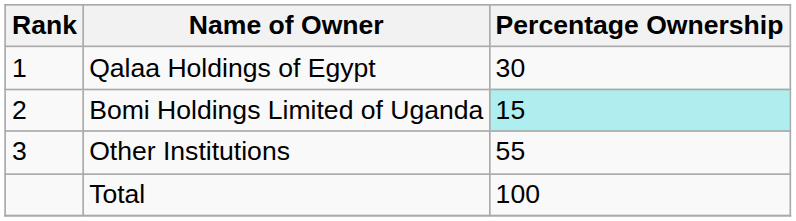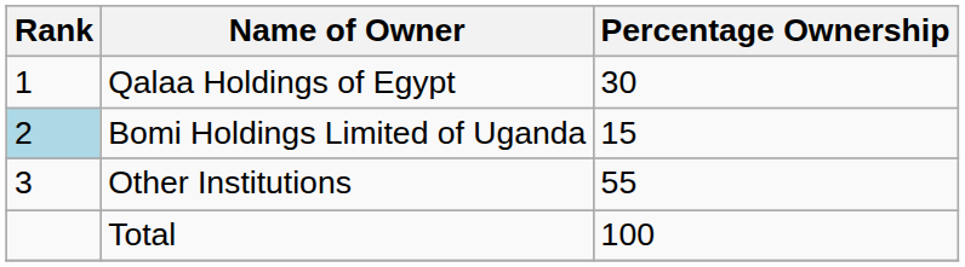 <table class="wikitable sortable" style="margin-left:auto;margin-right:auto">
 <tr>
 <th style="width:2em;">Rank</th>
 <th>Name of Owner</th>
 <th>Percentage Ownership</th>
 </tr>
 <tr>
 <td>1</td>
 <td>Qalaa Holdings of Egypt</td>
 <td>30</td>
 </tr>
 <tr>
-<td>2</td>
+<td style="background: lightblue;">2</td>
 <td>Bomi Holdings Limited of Uganda</td>
-<td style="background: paleturquoise;">15</td>
+<td>15</td>
 </tr>
 <tr>
 <td>3</td>
 <td>Other Institutions</td>
 <td>55</td>
 </tr>
 <tr>
 <td></td>
 <td>Total</td>
 <td>100</td>
 </tr>
 <tr>
 </tr>
 </table>
